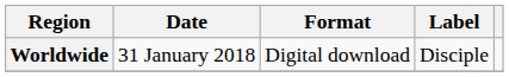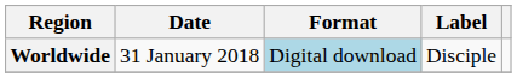 <table class="wikitable plainrowheaders">
 <tr>
 <th>Region</th>
 <th>Date</th>
 <th>Format</th>
 <th>Label</th>
 <th></th>
 </tr>
 <tr>
 <th scope="row" rowspan="1">Worldwide</th>
 <td>31 January 2018</td>
-<td>Digital download</td>
+<td style="background: lightblue;">Digital download</td>
 <td>Disciple</td>
 <td></td>
 </tr>
 <tr>
 </tr>
 </table>
